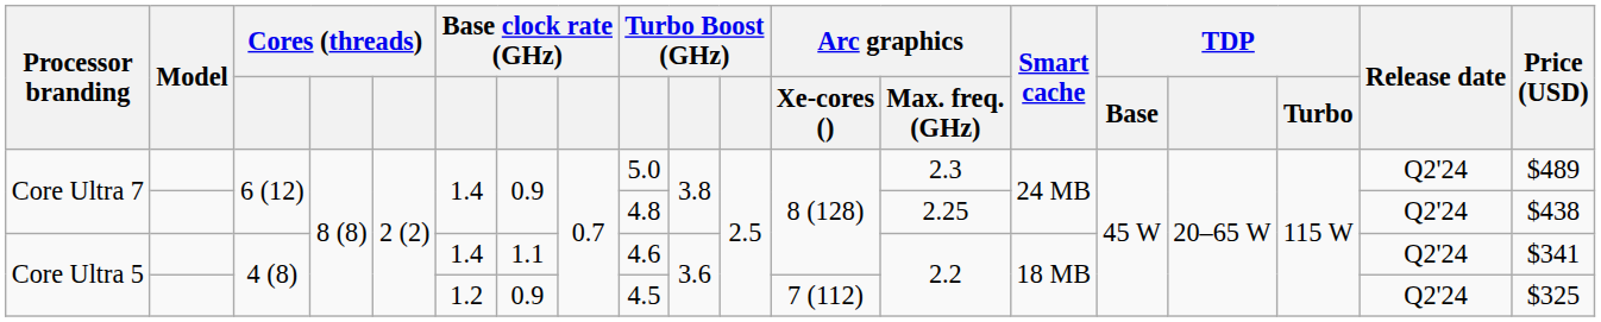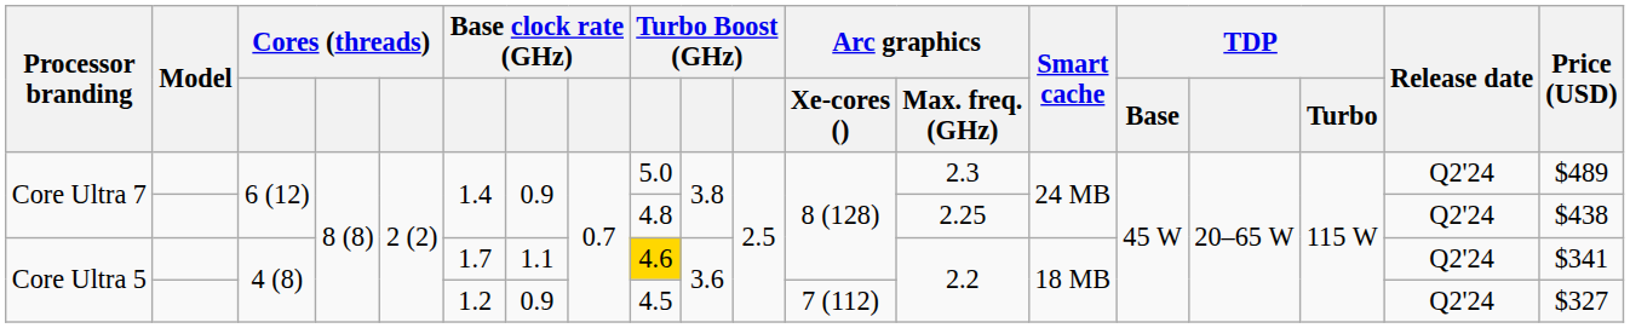 <table class="wikitable sortable" style="text-align:center;">
 <tr>
 <th rowspan="2">Processor<br>branding</th>
 <th rowspan="2">Model</th>
 <th colspan="3"><a href='#'>Cores</a> (<a href='#'>threads</a>)</th>
 <th colspan="3">Base <a href='#'>clock rate</a><br>(GHz)</th>
 <th colspan="3"><a href='#'>Turbo Boost</a><br>(GHz)</th>
 <th colspan="2"><a href='#'>Arc</a> graphics</th>
 <th rowspan="2"><a href='#'>Smart</a><br><a href='#'>cache</a></th>
 <th colspan="3"><a href='#'>TDP</a></th>
 <th rowspan="2">Release date</th>
 <th rowspan="2">Price<br>(USD)</th>
 </tr>
 <tr>
 <th></th>
 <th></th>
 <th></th>
 <th></th>
 <th></th>
 <th></th>
 <th></th>
 <th></th>
 <th></th>
 <th>Xe-cores<br>()</th>
 <th>Max. freq.<br>(GHz)</th>
 <th>Base</th>
 <th></th>
 <th>Turbo</th>
 </tr>
 <tr>
 <td rowspan="2">Core Ultra 7</td>
 <td></td>
 <td rowspan="2">6 (12)</td>
 <td rowspan="4">8 (8)</td>
 <td rowspan="4">2 (2)</td>
 <td rowspan="2">1.4</td>
 <td rowspan="2">0.9</td>
 <td rowspan="4">0.7</td>
 <td>5.0</td>
 <td rowspan="2">3.8</td>
 <td rowspan="4">2.5</td>
 <td rowspan="3">8 (128)</td>
 <td>2.3</td>
 <td rowspan="2">24 MB</td>
 <td rowspan="4">45 W</td>
 <td rowspan="4">20–65 W</td>
 <td rowspan="4">115 W</td>
 <td>Q2'24</td>
 <td>$489</td>
 </tr>
 <tr>
 <td></td>
 <td>4.8</td>
 <td>2.25</td>
 <td>Q2'24</td>
 <td>$438</td>
 </tr>
 <tr>
 <td rowspan="2">Core Ultra 5</td>
 <td></td>
 <td rowspan="2">4 (8)</td>
-<td>1.4</td>
+<td>1.7</td>
 <td>1.1</td>
-<td>4.6</td>
+<td style="background: gold;">4.6</td>
 <td rowspan="2">3.6</td>
 <td rowspan="2">2.2</td>
 <td rowspan="2">18 MB</td>
 <td>Q2'24</td>
 <td>$341</td>
 </tr>
 <tr>
 <td></td>
 <td>1.2</td>
 <td>0.9</td>
 <td>4.5</td>
 <td>7 (112)</td>
 <td>Q2'24</td>
-<td>$325</td>
+<td>$327</td>
 </tr>
 </table>
